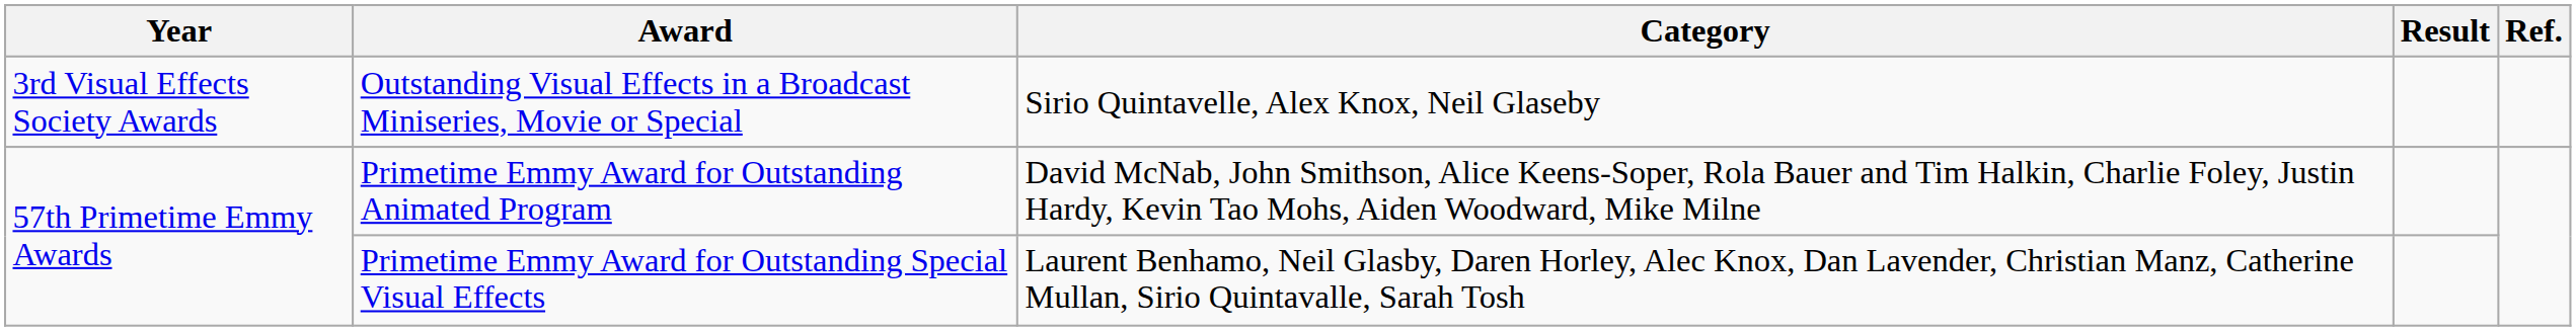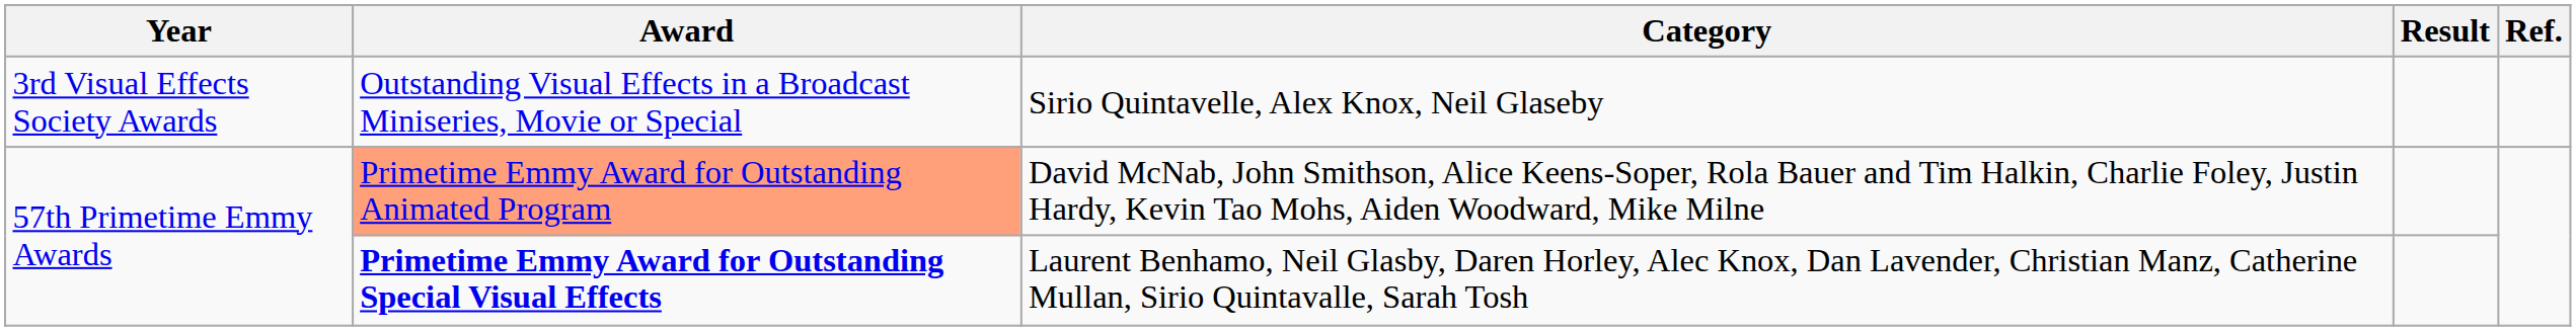 <table class="wikitable sortable">
 <tr>
 <th>Year</th>
 <th>Award</th>
 <th>Category</th>
 <th>Result</th>
 <th class="unsortable">Ref.</th>
 </tr>
 <tr>
 <td><a href='#'>3rd Visual Effects Society Awards</a></td>
 <td><a href='#'>Outstanding Visual Effects in a Broadcast Miniseries, Movie or Special</a></td>
 <td>Sirio Quintavelle, Alex Knox, Neil Glaseby</td>
 <td></td>
 <td></td>
 </tr>
 <tr>
 <td rowspan="2"><a href='#'>57th Primetime Emmy Awards</a></td>
-<td><a href='#'>Primetime Emmy Award for Outstanding Animated Program</a></td>
+<td style="background: lightsalmon;"><a href='#'>Primetime Emmy Award for Outstanding Animated Program</a></td>
 <td>David McNab, John Smithson, Alice Keens-Soper, Rola Bauer and Tim Halkin, Charlie Foley, Justin Hardy, Kevin Tao Mohs, Aiden Woodward, Mike Milne</td>
 <td></td>
 <td rowspan="2"></td>
 </tr>
 <tr>
-<td><a href='#'>Primetime Emmy Award for Outstanding Special Visual Effects</a></td>
+<td><strong><a href='#'>Primetime Emmy Award for Outstanding Special Visual Effects</a></strong></td>
 <td>Laurent Benhamo, Neil Glasby, Daren Horley, Alec Knox, Dan Lavender, Christian Manz, Catherine Mullan, Sirio Quintavalle, Sarah Tosh</td>
 <td></td>
 </tr>
 </table>
